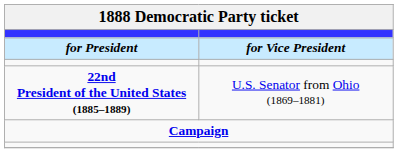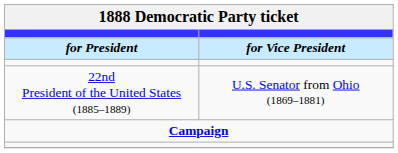 <table class="wikitable" style="font-size:90%; text-align:center;">
 <tr>
 <td style="background:#f1f1f1;" colspan="30"><big><strong>1888 Democratic Party ticket</strong></big></td>
 </tr>
 <tr>
 <th style="width:3em; font-size:135%; background:#3333FF; width:200px;"><a href='#'></a></th>
 <th style="width:3em; font-size:135%; background:#3333FF; width:200px;"><a href='#'></a></th>
 </tr>
 <tr>
 <td style="width:3em; font-size:100%; color:#000; background:#C8EBFF; width:200px;"><strong><em>for President</em></strong></td>
 <td style="width:3em; font-size:100%; color:#000; background:#C8EBFF; width:200px;"><strong><em>for Vice President</em></strong></td>
 </tr>
 <tr>
 <td></td>
 <td></td>
 </tr>
 <tr>
-<td><strong><a href='#'>22nd</a><br><a href='#'>President of the United States</a><br><small>(1885–1889)</small></strong></td>
+<td><a href='#'>22nd</a><br><a href='#'>President of the United States</a><br><small>(1885–1889)</small></td>
 <td><a href='#'>U.S. Senator</a> from <a href='#'>Ohio</a><br><small>(1869–1881)</small></td>
 </tr>
 <tr>
 <td colspan=2><a href='#'><strong>Campaign</strong></a></td>
 </tr>
 <tr>
 <td colspan=2></td>
 </tr>
 <tr>
 </tr>
 </table>
